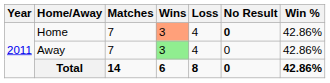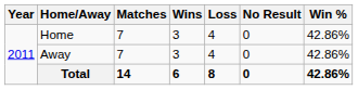 <table class="wikitable">
 <tr>
 <th>Year</th>
 <th>Home/Away</th>
 <th>Matches</th>
 <th>Wins</th>
 <th>Loss</th>
 <th>No Result</th>
 <th>Win %</th>
 </tr>
 <tr>
 <td rowspan="3"><a href='#'>2011</a></td>
 <td>Home</td>
 <td>7</td>
-<td style="background: lightsalmon;">3</td>
+<td>3</td>
 <td>4</td>
-<td><strong>0</strong></td>
+<td>0</td>
 <td>42.86%</td>
 </tr>
 <tr>
 <td>Away</td>
 <td>7</td>
-<td style="background: lightgreen;">3</td>
+<td>3</td>
 <td>4</td>
 <td>0</td>
 <td>42.86%</td>
 </tr>
 <tr>
 <th>Total</th>
 <td><strong>14</strong></td>
 <td><strong>6</strong></td>
 <td><strong>8</strong></td>
 <td><strong>0</strong></td>
 <td><strong>42.86%</strong></td>
 </tr>
 </table>
